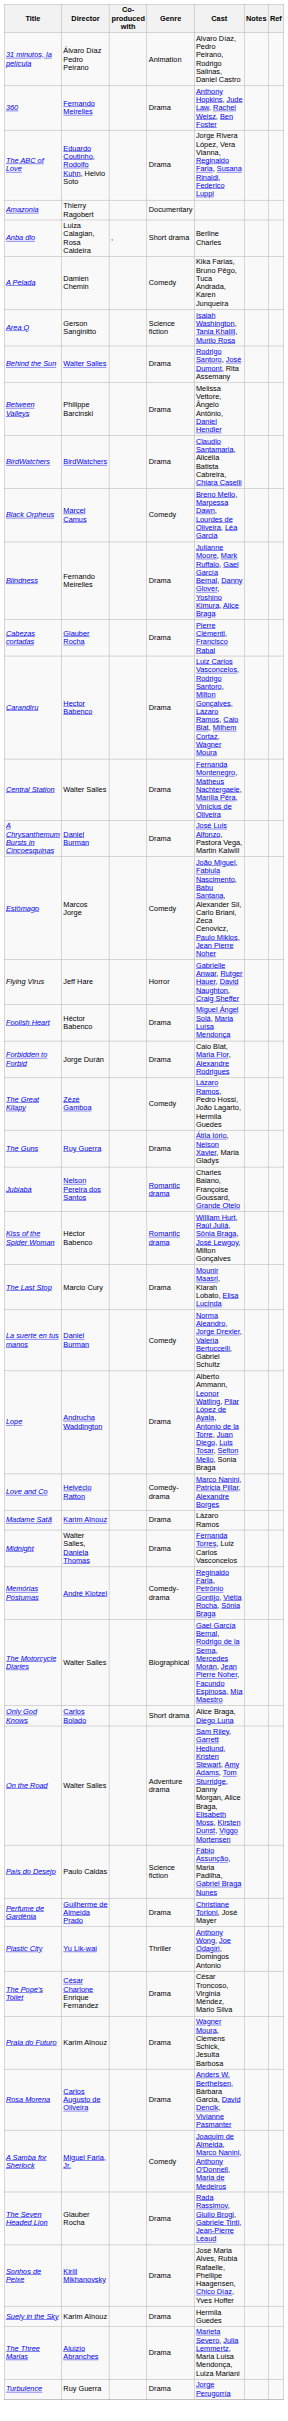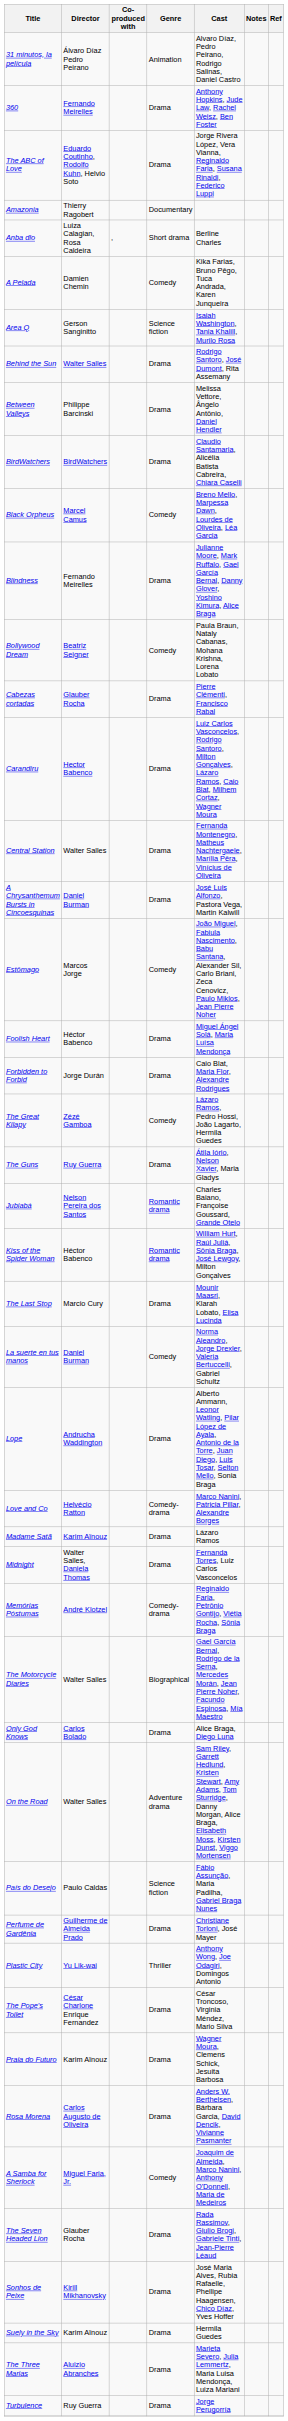 <table class="wikitable sortable">
 <tr>
 <th width="20%">Title</th>
 <th width="20%">Director</th>
 <th width="20%">Co-produced with</th>
 <th width="10%">Genre</th>
 <th width="25%">Cast</th>
 <th width="20%">Notes</th>
 <th width="5%">Ref</th>
 </tr>
 <tr>
 <td><em><a href='#'>31 minutos, la película</a></em></td>
 <td>Álvaro Díaz<br> Pedro Peirano</td>
 <td><br></td>
 <td>Animation</td>
 <td>Alvaro Díaz, Pedro Peirano, Rodrigo Salinas, Daniel Castro</td>
 <td></td>
 <td></td>
 </tr>
 <tr>
 <td><em><a href='#'>360</a></em></td>
 <td><a href='#'>Fernando Meirelles</a></td>
 <td><br><br></td>
 <td>Drama</td>
 <td><a href='#'>Anthony Hopkins</a>, <a href='#'>Jude Law</a>, <a href='#'>Rachel Weisz</a>, <a href='#'>Ben Foster</a></td>
 <td></td>
 <td></td>
 </tr>
 <tr>
 <td><em><a href='#'>The ABC of Love</a></em></td>
 <td><a href='#'>Eduardo Coutinho</a>, <a href='#'>Rodolfo Kuhn</a>, Helvio Soto</td>
 <td></td>
 <td>Drama</td>
 <td>Jorge Rivera López, Vera Vianna, <a href='#'>Reginaldo Faria</a>, <a href='#'>Susana Rinaldi</a>, <a href='#'>Federico Luppi</a></td>
 <td></td>
 <td></td>
 </tr>
 <tr>
 <td><em><a href='#'>Amazonia</a></em></td>
 <td>Thierry Ragobert</td>
 <td></td>
 <td>Documentary</td>
 <td></td>
 <td></td>
 <td></td>
 </tr>
 <tr>
 <td><em><a href='#'>Anba dlo</a></em></td>
 <td>Luiza Calagian, Rosa Caldeira</td>
 <td>, </td>
 <td>Short drama</td>
 <td>Berline Charles</td>
 <td></td>
 <td></td>
 </tr>
 <tr>
 <td><em><a href='#'>A Pelada</a></em></td>
 <td>Damien Chemin</td>
 <td></td>
 <td>Comedy</td>
 <td>Kika Farias, Bruno Pêgo, Tuca Andrada, Karen Junqueira</td>
 <td></td>
 <td></td>
 </tr>
 <tr>
 <td><em><a href='#'>Area Q</a></em></td>
 <td>Gerson Sanginitto</td>
 <td></td>
 <td>Science fiction</td>
 <td><a href='#'>Isaiah Washington</a>, <a href='#'>Tania Khalill</a>, <a href='#'>Murilo Rosa</a></td>
 <td></td>
 <td></td>
 </tr>
 <tr>
 <td><em><a href='#'>Behind the Sun</a></em></td>
 <td><a href='#'>Walter Salles</a></td>
 <td><br></td>
 <td>Drama</td>
 <td><a href='#'>Rodrigo Santoro</a>, <a href='#'>José Dumont</a>, Rita Assemany</td>
 <td></td>
 <td></td>
 </tr>
 <tr>
 <td><em><a href='#'>Between Valleys</a></em></td>
 <td>Philippe Barcinski</td>
 <td><br></td>
 <td>Drama</td>
 <td>Melissa Vettore, Ângelo Antônio, <a href='#'>Daniel Hendler</a></td>
 <td></td>
 <td></td>
 </tr>
 <tr>
 <td><em><a href='#'>BirdWatchers</a></em></td>
 <td><a href='#'>BirdWatchers</a></td>
 <td></td>
 <td>Drama</td>
 <td><a href='#'>Claudio Santamaria</a>, Alicélia Batista Cabreira, <a href='#'>Chiara Caselli</a></td>
 <td></td>
 <td></td>
 </tr>
 <tr>
 <td><em><a href='#'>Black Orpheus</a></em></td>
 <td><a href='#'>Marcel Camus</a></td>
 <td><br></td>
 <td>Comedy</td>
 <td><a href='#'>Breno Mello</a>, <a href='#'>Marpessa Dawn</a>, <a href='#'>Lourdes de Oliveira</a>, <a href='#'>Léa Garcia</a></td>
 <td></td>
 <td></td>
 </tr>
 <tr>
 <td><em><a href='#'>Blindness</a></em></td>
 <td>Fernando Meirelles</td>
 <td><br></td>
 <td>Drama</td>
 <td><a href='#'>Julianne Moore</a>, <a href='#'>Mark Ruffalo</a>, <a href='#'>Gael García Bernal</a>, <a href='#'>Danny Glover</a>, <a href='#'>Yoshino Kimura</a>, <a href='#'>Alice Braga</a></td>
 <td></td>
 <td></td>
 </tr>
 <tr>
+<td><em><a href='#'>Bollywood Dream</a></em></td>
+<td><a href='#'>Beatriz Seigner</a></td>
+<td></td>
+<td>Comedy</td>
+<td>Paula Braun, Nataly Cabanas, Mohana Krishna, Lorena Lobato</td>
+<td></td>
+<td></td>
+</tr>
+<tr>
 <td><em><a href='#'>Cabezas cortadas</a></em></td>
 <td><a href='#'>Glauber Rocha</a></td>
 <td></td>
 <td>Drama</td>
 <td><a href='#'>Pierre Clémenti</a>, <a href='#'>Francisco Rabal</a></td>
 <td></td>
 <td></td>
 </tr>
 <tr>
 <td><em><a href='#'>Carandiru</a></em></td>
 <td><a href='#'>Hector Babenco</a></td>
 <td></td>
 <td>Drama</td>
 <td><a href='#'>Luiz Carlos Vasconcelos</a>, <a href='#'>Rodrigo Santoro</a>, <a href='#'>Milton Gonçalves</a>, <a href='#'>Lázaro Ramos</a>, <a href='#'>Caio Blat</a>, <a href='#'>Milhem Cortaz</a>, <a href='#'>Wagner Moura</a></td>
 <td></td>
 <td></td>
 </tr>
 <tr>
 <td><em><a href='#'>Central Station</a></em></td>
 <td>Walter Salles</td>
 <td></td>
 <td>Drama</td>
 <td><a href='#'>Fernanda Montenegro</a>, <a href='#'>Matheus Nachtergaele</a>, <a href='#'>Marília Pêra</a>, <a href='#'>Vinícius de Oliveira</a></td>
 <td></td>
 <td></td>
 </tr>
 <tr>
 <td><em><a href='#'>A Chrysanthemum Bursts in Cincoesquinas</a></em></td>
 <td><a href='#'>Daniel Burman</a></td>
 <td><br><br></td>
 <td>Drama</td>
 <td><a href='#'>José Luis Alfonzo</a>, Pastora Vega, Martin Kalwill</td>
 <td></td>
 <td></td>
 </tr>
 <tr>
 <td><em><a href='#'>Estômago</a></em></td>
 <td>Marcos Jorge</td>
 <td></td>
 <td>Comedy</td>
 <td><a href='#'>João Miguel</a>, <a href='#'>Fabiula Nascimento</a>, <a href='#'>Babu Santana</a>, Alexander Sil, Carlo Briani, Zeca Cenovicz, <a href='#'>Paulo Miklos</a>, <a href='#'>Jean Pierre Noher</a></td>
-<td></td>
-<td></td>
-</tr>
-<tr>
-<td><em>Flying Virus</em></td>
-<td>Jeff Hare</td>
-<td></td>
-<td>Horror</td>
-<td><a href='#'>Gabrielle Anwar</a>, <a href='#'>Rutger Hauer</a>, <a href='#'>David Naughton</a>, <a href='#'>Craig Sheffer</a></td>
 <td></td>
 <td></td>
 </tr>
 <tr>
 <td><em><a href='#'>Foolish Heart</a></em></td>
 <td>Héctor Babenco</td>
 <td><br></td>
 <td>Drama</td>
 <td><a href='#'>Miguel Ángel Solá</a>, <a href='#'>Maria Luísa Mendonça</a></td>
 <td></td>
 <td></td>
 </tr>
 <tr>
 <td><em><a href='#'>Forbidden to Forbid</a></em></td>
 <td>Jorge Durán</td>
 <td><br></td>
 <td>Drama</td>
 <td>Caio Blat, <a href='#'>Maria Flor</a>, <a href='#'>Alexandre Rodrigues</a></td>
 <td></td>
 <td></td>
 </tr>
 <tr>
 <td><em><a href='#'>The Great Kilapy</a></em></td>
 <td><a href='#'>Zézé Gamboa</a></td>
 <td><br></td>
 <td>Comedy</td>
 <td><a href='#'>Lázaro Ramos</a>, Pedro Hossi, João Lagarto, Hermila Guedes</td>
 <td></td>
 <td></td>
 </tr>
 <tr>
 <td><em><a href='#'>The Guns</a></em></td>
 <td><a href='#'>Ruy Guerra</a></td>
 <td></td>
 <td>Drama</td>
 <td><a href='#'>Átila Iório</a>, <a href='#'>Nelson Xavier</a>, Maria Gladys</td>
 <td></td>
 <td></td>
 </tr>
 <tr>
 <td><em><a href='#'>Jubiabá</a></em></td>
 <td><a href='#'>Nelson Pereira dos Santos</a></td>
 <td></td>
 <td><a href='#'>Romantic drama</a></td>
 <td>Charles Baiano, Françoise Goussard, <a href='#'>Grande Otelo</a></td>
 <td></td>
 <td></td>
 </tr>
 <tr>
 <td><em><a href='#'>Kiss of the Spider Woman</a></em></td>
 <td>Héctor Babenco</td>
 <td></td>
 <td><a href='#'>Romantic drama</a></td>
 <td><a href='#'>William Hurt</a>, <a href='#'>Raúl Juliá</a>, <a href='#'>Sônia Braga</a>, <a href='#'>José Lewgoy</a>, Milton Gonçalves</td>
 <td></td>
 <td></td>
 </tr>
 <tr>
 <td><em><a href='#'>The Last Stop</a></em></td>
 <td>Marcio Cury</td>
 <td></td>
 <td>Drama</td>
 <td><a href='#'>Mounir Maasri</a>, Klarah Lobato, <a href='#'>Elisa Lucinda</a></td>
 <td></td>
 <td></td>
 </tr>
 <tr>
 <td><em><a href='#'>La suerte en tus manos</a></em></td>
 <td><a href='#'>Daniel Burman</a></td>
 <td><br></td>
 <td>Comedy</td>
 <td><a href='#'>Norma Aleandro</a>, <a href='#'>Jorge Drexler</a>, <a href='#'>Valeria Bertuccelli</a>, Gabriel Schultz</td>
 <td></td>
 <td></td>
 </tr>
 <tr>
 <td><em><a href='#'>Lope</a></em></td>
 <td><a href='#'>Andrucha Waddington</a></td>
 <td></td>
 <td>Drama</td>
 <td>Alberto Ammann, <a href='#'>Leonor Watling</a>, <a href='#'>Pilar López de Ayala</a>, <a href='#'>Antonio de la Torre</a>, <a href='#'>Juan Diego</a>, <a href='#'>Luis Tosar</a>, <a href='#'>Selton Mello</a>, Sonia Braga</td>
 <td></td>
 <td></td>
 </tr>
 <tr>
 <td><em><a href='#'>Love and Co</a></em></td>
 <td><a href='#'>Helvécio Ratton</a></td>
 <td></td>
 <td>Comedy-drama</td>
 <td><a href='#'>Marco Nanini</a>, <a href='#'>Patricia Pillar</a>, <a href='#'>Alexandre Borges</a></td>
 <td></td>
 <td></td>
 </tr>
 <tr>
 <td><em><a href='#'>Madame Satã</a></em></td>
 <td><a href='#'>Karim Aïnouz</a></td>
 <td></td>
 <td>Drama</td>
 <td>Lázaro Ramos</td>
 <td></td>
 <td></td>
 </tr>
 <tr>
 <td><em><a href='#'>Midnight</a></em></td>
 <td>Walter Salles, <a href='#'>Daniela Thomas</a></td>
 <td></td>
 <td>Drama</td>
 <td><a href='#'>Fernanda Torres</a>, Luiz Carlos Vasconcelos</td>
 <td></td>
 <td></td>
 </tr>
 <tr>
 <td><em><a href='#'>Memórias Póstumas</a></em></td>
 <td><a href='#'>André Klotzel</a></td>
 <td></td>
 <td>Comedy-drama</td>
 <td><a href='#'>Reginaldo Faria</a>, <a href='#'>Petrônio Gontijo</a>, <a href='#'>Viétia Rocha</a>, <a href='#'>Sônia Braga</a></td>
 <td></td>
 <td></td>
 </tr>
 <tr>
 <td><em><a href='#'>The Motorcycle Diaries</a></em></td>
 <td>Walter Salles</td>
 <td><br><br><br><br><br><br></td>
 <td>Biographical</td>
 <td><a href='#'>Gael García Bernal</a>, <a href='#'>Rodrigo de la Serna</a>, <a href='#'>Mercedes Morán</a>, <a href='#'>Jean Pierre Noher</a>, <a href='#'>Facundo Espinosa</a>, <a href='#'>Mía Maestro</a></td>
 <td></td>
 <td></td>
 </tr>
 <tr>
 <td><em><a href='#'>Only God Knows</a></em></td>
 <td><a href='#'>Carlos Bolado</a></td>
 <td></td>
-<td>Short drama</td>
+<td>Drama</td>
 <td>Alice Braga, <a href='#'>Diego Luna</a></td>
 <td></td>
 <td></td>
 </tr>
 <tr>
 <td><em><a href='#'>On the Road</a></em></td>
 <td>Walter Salles</td>
 <td><br><br><br></td>
 <td>Adventure drama</td>
 <td><a href='#'>Sam Riley</a>, <a href='#'>Garrett Hedlund</a>, <a href='#'>Kristen Stewart</a>, <a href='#'>Amy Adams</a>, <a href='#'>Tom Sturridge</a>, Danny Morgan, Alice Braga, <a href='#'>Elisabeth Moss</a>, <a href='#'>Kirsten Dunst</a>, <a href='#'>Viggo Mortensen</a></td>
 <td></td>
 <td></td>
 </tr>
 <tr>
 <td><em><a href='#'>País do Desejo</a></em></td>
 <td>Paulo Caldas</td>
 <td></td>
 <td>Science fiction</td>
 <td><a href='#'>Fábio Assunção</a>, Maria Padilha, <a href='#'>Gabriel Braga Nunes</a></td>
 <td></td>
 <td></td>
 </tr>
 <tr>
 <td><em><a href='#'>Perfume de Gardênia</a></em></td>
 <td><a href='#'>Guilherme de Almeida Prado</a></td>
 <td></td>
 <td>Drama</td>
 <td><a href='#'>Christiane Torloni</a>, José Mayer</td>
 <td></td>
 <td></td>
 </tr>
 <tr>
 <td><em><a href='#'>Plastic City</a></em></td>
 <td><a href='#'>Yu Lik-wai</a></td>
 <td><br><br></td>
 <td>Thriller</td>
 <td><a href='#'>Anthony Wong</a>, <a href='#'>Joe Odagiri</a>, Domingos Antonio</td>
 <td></td>
 <td></td>
 </tr>
 <tr>
 <td><em><a href='#'>The Pope's Toilet</a></em></td>
 <td><a href='#'>César Charlone</a><br> Enrique Fernandez</td>
 <td></td>
 <td>Drama</td>
 <td>César Troncoso, Virginia Méndez, Mario Silva</td>
 <td></td>
 <td></td>
 </tr>
 <tr>
 <td><em><a href='#'>Praia do Futuro</a></em></td>
 <td>Karim Aïnouz</td>
 <td></td>
 <td>Drama</td>
 <td><a href='#'>Wagner Moura</a>, Clemens Schick, Jesuita Barbosa</td>
 <td></td>
 <td></td>
 </tr>
 <tr>
 <td><em><a href='#'>Rosa Morena</a></em></td>
 <td><a href='#'>Carlos Augusto de Oliveira</a></td>
 <td></td>
 <td>Drama</td>
 <td><a href='#'>Anders W. Berthelsen</a>, Bárbara Garcia, <a href='#'>David Dencik</a>, <a href='#'>Vivianne Pasmanter</a></td>
 <td></td>
 <td></td>
 </tr>
 <tr>
 <td><em><a href='#'>A Samba for Sherlock</a></em></td>
 <td><a href='#'>Miguel Faria, Jr.</a></td>
 <td></td>
 <td>Comedy</td>
 <td><a href='#'>Joaquim de Almeida</a>, <a href='#'>Marco Nanini</a>, <a href='#'>Anthony O'Donnell</a>, <a href='#'>Maria de Medeiros</a></td>
 <td></td>
 <td></td>
 </tr>
 <tr>
 <td><em><a href='#'>The Seven Headed Lion</a></em></td>
 <td>Glauber Rocha</td>
 <td><br></td>
 <td>Drama</td>
 <td><a href='#'>Rada Rassimov</a>, <a href='#'>Giulio Brogi</a>, <a href='#'>Gabriele Tinti</a>, <a href='#'>Jean-Pierre Léaud</a></td>
 <td></td>
 <td></td>
 </tr>
 <tr>
 <td><em><a href='#'>Sonhos de Peixe</a></em></td>
 <td><a href='#'>Kirill Mikhanovsky</a></td>
 <td><br></td>
 <td>Drama</td>
 <td>José Maria Alves, Rubia Rafaelle, Phellipe Haagensen, <a href='#'>Chico Díaz</a>, Yves Hoffer</td>
 <td></td>
 <td></td>
 </tr>
 <tr>
 <td><em><a href='#'>Suely in the Sky</a></em></td>
 <td>Karim Aïnouz</td>
 <td><br><br></td>
 <td>Drama</td>
 <td>Hermila Guedes</td>
 <td></td>
 <td></td>
 </tr>
 <tr>
 <td><em><a href='#'>The Three Marias</a></em></td>
 <td><a href='#'>Aluizio Abranches</a></td>
 <td></td>
 <td>Drama</td>
 <td><a href='#'>Marieta Severo</a>, <a href='#'>Julia Lemmertz</a>, Maria Luisa Mendonça, Luiza Mariani</td>
 <td></td>
 <td></td>
 </tr>
 <tr>
 <td><em><a href='#'>Turbulence</a></em></td>
 <td>Ruy Guerra</td>
 <td><br></td>
 <td>Drama</td>
 <td><a href='#'>Jorge Perugorría</a></td>
 <td></td>
 <td></td>
 </tr>
 <tr>
 </tr>
 </table>
